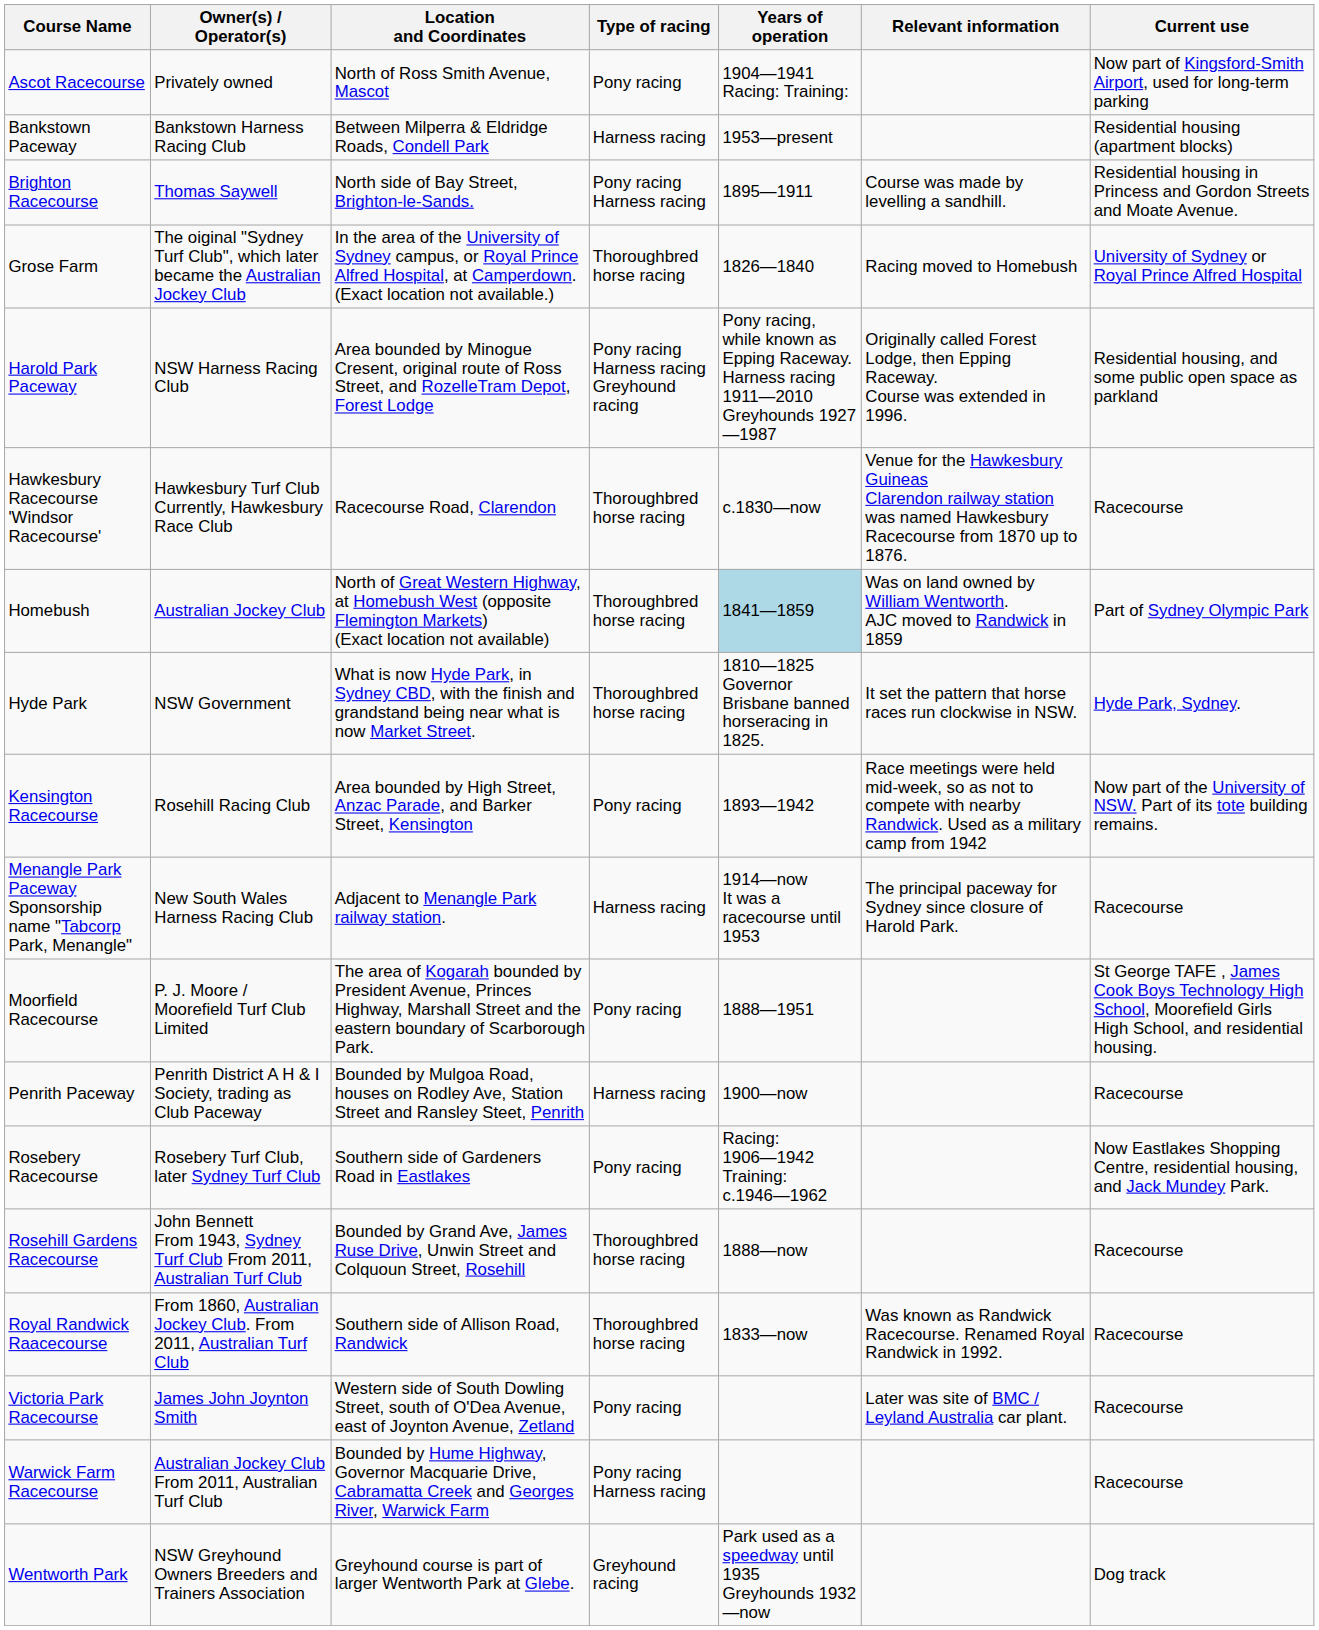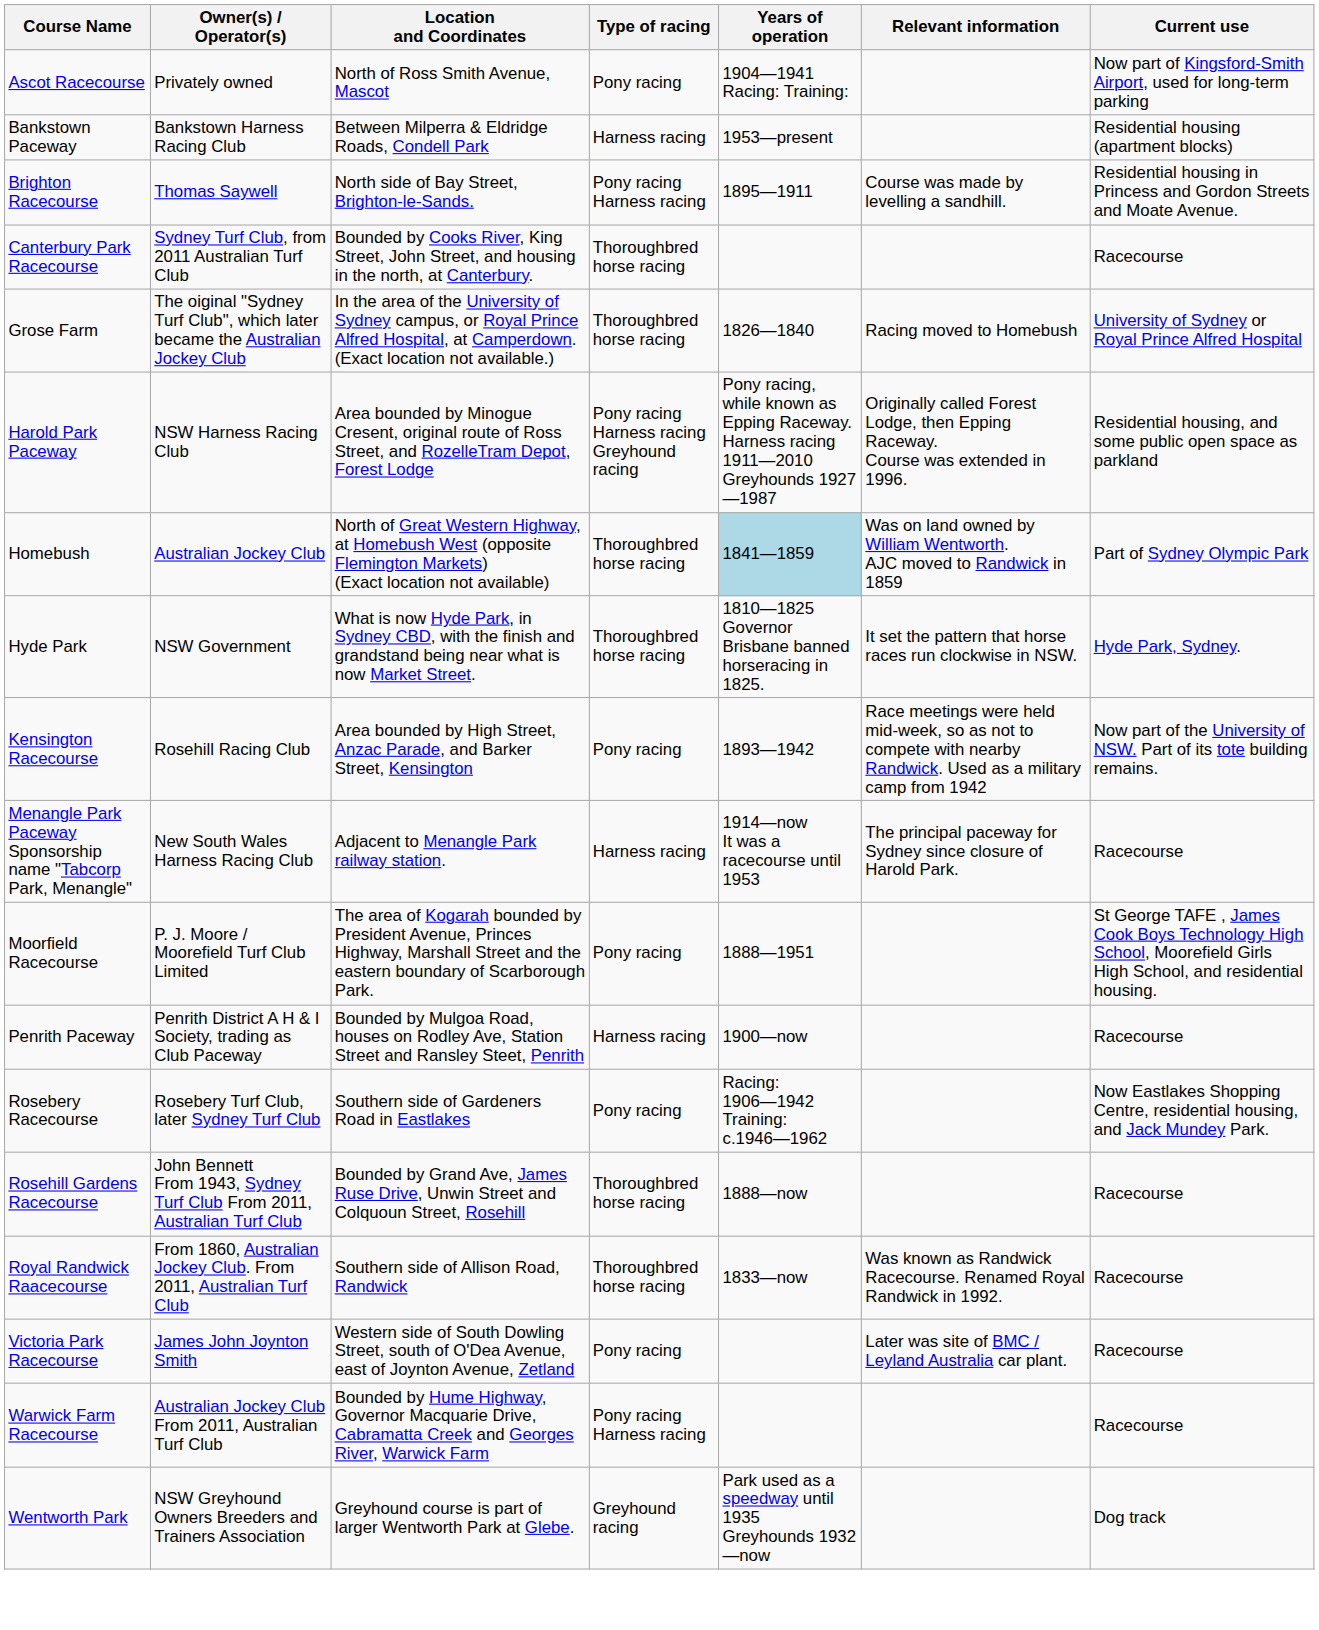 <table class="wikitable">
 <tr>
 <th>Course Name</th>
 <th>Owner(s) / Operator(s)</th>
 <th>Location<br>and Coordinates</th>
 <th>Type of racing</th>
 <th>Years of operation</th>
 <th>Relevant information</th>
 <th>Current use</th>
 </tr>
 <tr>
 <td><a href='#'>Ascot Racecourse</a></td>
 <td>Privately owned</td>
 <td>North of Ross Smith Avenue, <a href='#'>Mascot</a><br></td>
 <td>Pony racing</td>
 <td>1904—1941<br>Racing: Training:</td>
 <td></td>
 <td>Now part of <a href='#'>Kingsford-Smith Airport</a>, used for long-term parking</td>
 </tr>
 <tr>
 <td>Bankstown Paceway</td>
 <td>Bankstown Harness Racing Club</td>
 <td>Between Milperra & Eldridge Roads, <a href='#'>Condell Park</a><br></td>
 <td>Harness racing</td>
 <td>1953—present</td>
 <td></td>
 <td>Residential housing (apartment blocks)</td>
 </tr>
 <tr>
 <td><a href='#'>Brighton Racecourse</a></td>
 <td><a href='#'>Thomas Saywell</a></td>
 <td>North side of Bay Street, <a href='#'>Brighton-le-Sands.</a><br></td>
 <td>Pony racing<br>Harness racing</td>
 <td>1895—1911</td>
 <td>Course was made by levelling a sandhill.</td>
 <td>Residential housing in Princess and Gordon Streets and Moate Avenue.</td>
 </tr>
 <tr>
+<td><a href='#'>Canterbury Park Racecourse</a></td>
+<td><a href='#'>Sydney Turf Club</a>, from 2011 Australian Turf Club</td>
+<td>Bounded by <a href='#'>Cooks River</a>, King Street, John Street, and housing in the north, at <a href='#'>Canterbury</a>.<br></td>
+<td>Thoroughbred horse racing</td>
+<td></td>
+<td></td>
+<td>Racecourse</td>
+</tr>
+<tr>
 <td>Grose Farm</td>
 <td>The oiginal "Sydney Turf Club", which later became the  <a href='#'>Australian Jockey Club</a></td>
 <td>In the area of the <a href='#'>University of Sydney</a> campus,  or <a href='#'>Royal Prince Alfred Hospital</a>, at <a href='#'>Camperdown</a>.<br>(Exact location not available.)</td>
 <td>Thoroughbred horse racing</td>
 <td>1826—1840</td>
 <td>Racing moved to Homebush</td>
 <td><a href='#'>University of Sydney</a> or <a href='#'>Royal Prince Alfred Hospital</a></td>
 </tr>
 <tr>
 <td><a href='#'>Harold Park Paceway</a></td>
 <td>NSW Harness Racing Club</td>
 <td>Area bounded by Minogue Cresent, original route of Ross Street, and <a href='#'>RozelleTram Depot</a>, <a href='#'>Forest Lodge</a></td>
 <td>Pony racing Harness racing<br>Greyhound racing</td>
 <td>Pony racing, while known as Epping Raceway.<br>Harness racing 1911—2010<br>Greyhounds 1927 —1987</td>
 <td>Originally called Forest Lodge, then Epping Raceway.<br>Course was extended in 1996.</td>
 <td>Residential housing, and some public open space as parkland</td>
-</tr>
-<tr>
-<td>Hawkesbury Racecourse<br>'Windsor Racecourse'</td>
-<td>Hawkesbury Turf Club<br>Currently, Hawkesbury Race Club</td>
-<td>Racecourse Road, <a href='#'>Clarendon</a><br></td>
-<td>Thoroughbred horse racing</td>
-<td>c.1830—now</td>
-<td>Venue for the <a href='#'>Hawkesbury Guineas</a><br><a href='#'>Clarendon railway station</a> was named  Hawkesbury Racecourse from 1870 up to 1876.</td>
-<td>Racecourse</td>
 </tr>
 <tr>
 <td>Homebush</td>
 <td><a href='#'>Australian Jockey Club</a></td>
 <td>North of  <a href='#'>Great Western Highway</a>, at <a href='#'>Homebush West</a> (opposite <a href='#'>Flemington Markets</a>)<br>(Exact location not available)</td>
 <td>Thoroughbred horse racing</td>
 <td style="background: lightblue;">1841—1859</td>
 <td>Was on land owned by <a href='#'>William Wentworth</a>.<br>AJC moved to <a href='#'>Randwick</a> in 1859</td>
 <td>Part of <a href='#'>Sydney Olympic Park</a></td>
 </tr>
 <tr>
 <td>Hyde Park</td>
 <td>NSW Government</td>
 <td>What is now <a href='#'>Hyde Park</a>, in <a href='#'>Sydney CBD</a>, with the finish and grandstand being near what is now   <a href='#'>Market Street</a>.</td>
 <td>Thoroughbred horse racing</td>
 <td>1810—1825<br>Governor Brisbane banned horseracing in 1825.</td>
 <td>It set the pattern that horse races run clockwise in NSW.</td>
 <td><a href='#'>Hyde Park, Sydney</a>.</td>
 </tr>
 <tr>
 <td><a href='#'>Kensington Racecourse</a></td>
 <td>Rosehill Racing Club</td>
 <td>Area bounded by High Street, <a href='#'>Anzac Parade</a>, and Barker Street, <a href='#'>Kensington</a><br></td>
 <td>Pony racing</td>
 <td>1893—1942</td>
 <td>Race meetings were held mid-week, so as not to compete with nearby <a href='#'>Randwick</a>. Used as a military camp from 1942</td>
 <td>Now part of the <a href='#'>University of NSW.</a> Part of its <a href='#'>tote</a> building remains.</td>
 </tr>
 <tr>
 <td><a href='#'>Menangle Park Paceway</a><br>Sponsorship name "<a href='#'>Tabcorp</a> Park, Menangle"</td>
 <td>New South Wales Harness Racing Club</td>
 <td>Adjacent to <a href='#'>Menangle Park railway station</a>.<br></td>
 <td>Harness racing</td>
 <td>1914—now<br>It was a racecourse until 1953</td>
 <td>The principal  paceway for Sydney since closure of Harold Park.</td>
 <td>Racecourse</td>
 </tr>
 <tr>
 <td>Moorfield Racecourse</td>
 <td>P. J. Moore / Moorefield Turf Club Limited</td>
 <td>The area of <a href='#'>Kogarah</a> bounded by President Avenue,  Princes Highway, Marshall Street and the eastern boundary of Scarborough Park.<br></td>
 <td>Pony racing</td>
 <td>1888—1951</td>
 <td></td>
 <td>St George TAFE , <a href='#'>James Cook Boys Technology High School</a>, Moorefield Girls High School, and  residential housing.</td>
 </tr>
 <tr>
 <td>Penrith Paceway</td>
 <td>Penrith District A H & I Society, trading as Club Paceway</td>
 <td>Bounded by Mulgoa Road, houses on Rodley Ave, Station Street and Ransley Steet, <a href='#'>Penrith</a><br></td>
 <td>Harness racing</td>
 <td>1900—now</td>
 <td></td>
 <td>Racecourse</td>
 </tr>
 <tr>
 <td>Rosebery Racecourse</td>
 <td>Rosebery Turf Club, later <a href='#'>Sydney Turf Club</a></td>
 <td>Southern side of Gardeners Road in <a href='#'>Eastlakes</a><br></td>
 <td>Pony racing</td>
 <td>Racing:<br>1906—1942<br>Training:<br>c.1946—1962</td>
 <td></td>
 <td>Now Eastlakes Shopping Centre, residential housing, and <a href='#'>Jack Mundey</a> Park.</td>
 </tr>
 <tr>
 <td><a href='#'>Rosehill Gardens Racecourse</a></td>
 <td>John Bennett<br>From 1943, <a href='#'>Sydney Turf Club</a> From 2011, <a href='#'>Australian Turf Club</a></td>
 <td>Bounded by Grand Ave, <a href='#'>James Ruse Drive</a>, Unwin Street and Colquoun Street, <a href='#'>Rosehill</a><br></td>
 <td>Thoroughbred horse racing</td>
 <td>1888—now</td>
 <td></td>
 <td>Racecourse</td>
 </tr>
 <tr>
 <td><a href='#'>Royal Randwick Raacecourse</a></td>
 <td>From 1860, <a href='#'>Australian Jockey Club</a>. From 2011, <a href='#'>Australian Turf Club</a></td>
 <td>Southern side of Allison Road, <a href='#'>Randwick</a><br></td>
 <td>Thoroughbred horse racing</td>
 <td>1833—now</td>
 <td>Was known as Randwick Racecourse. Renamed Royal Randwick in 1992.</td>
 <td>Racecourse</td>
 </tr>
 <tr>
 <td><a href='#'>Victoria Park Racecourse</a></td>
 <td><a href='#'>James John Joynton Smith</a></td>
 <td>Western side of South Dowling Street, south of O'Dea Avenue, east of Joynton  Avenue, <a href='#'>Zetland</a><br></td>
 <td>Pony racing</td>
 <td></td>
 <td>Later was site of <a href='#'>BMC / Leyland Australia</a> car plant.</td>
 <td>Racecourse</td>
 </tr>
 <tr>
 <td><a href='#'>Warwick Farm Racecourse</a></td>
 <td><a href='#'>Australian Jockey Club</a> From 2011, Australian Turf Club</td>
 <td>Bounded by <a href='#'>Hume Highway</a>, Governor Macquarie Drive, <a href='#'>Cabramatta Creek</a> and <a href='#'>Georges River</a>, <a href='#'>Warwick Farm</a><br></td>
 <td>Pony racing<br>Harness racing</td>
 <td></td>
 <td></td>
 <td>Racecourse</td>
 </tr>
 <tr>
 <td><a href='#'>Wentworth Park</a></td>
 <td>NSW Greyhound Owners Breeders and Trainers Association</td>
 <td>Greyhound course is part of larger Wentworth Park at <a href='#'>Glebe</a>.<br></td>
 <td>Greyhound racing</td>
 <td>Park used as a <a href='#'>speedway</a> until 1935<br>Greyhounds 1932—now</td>
 <td></td>
 <td>Dog track</td>
 </tr>
 </table>
